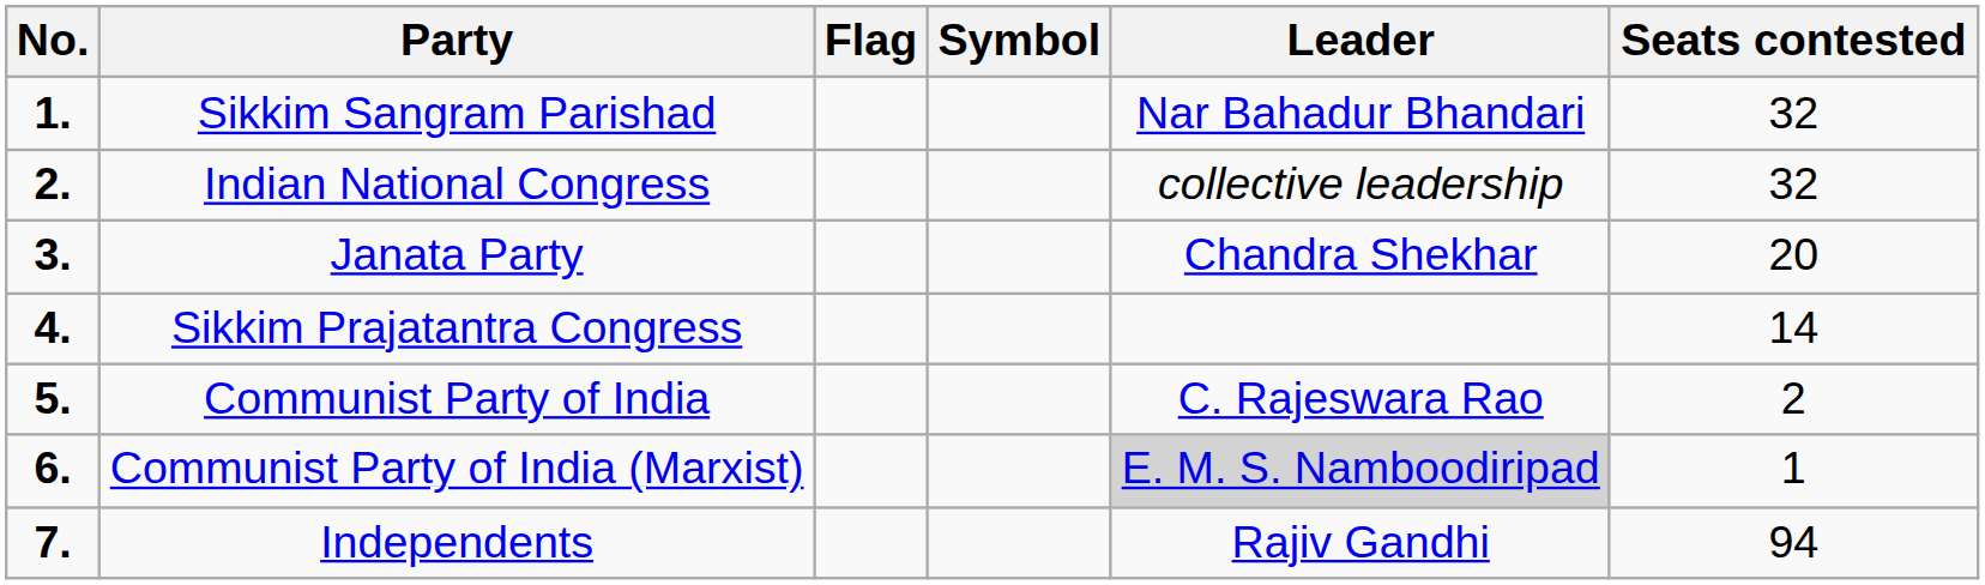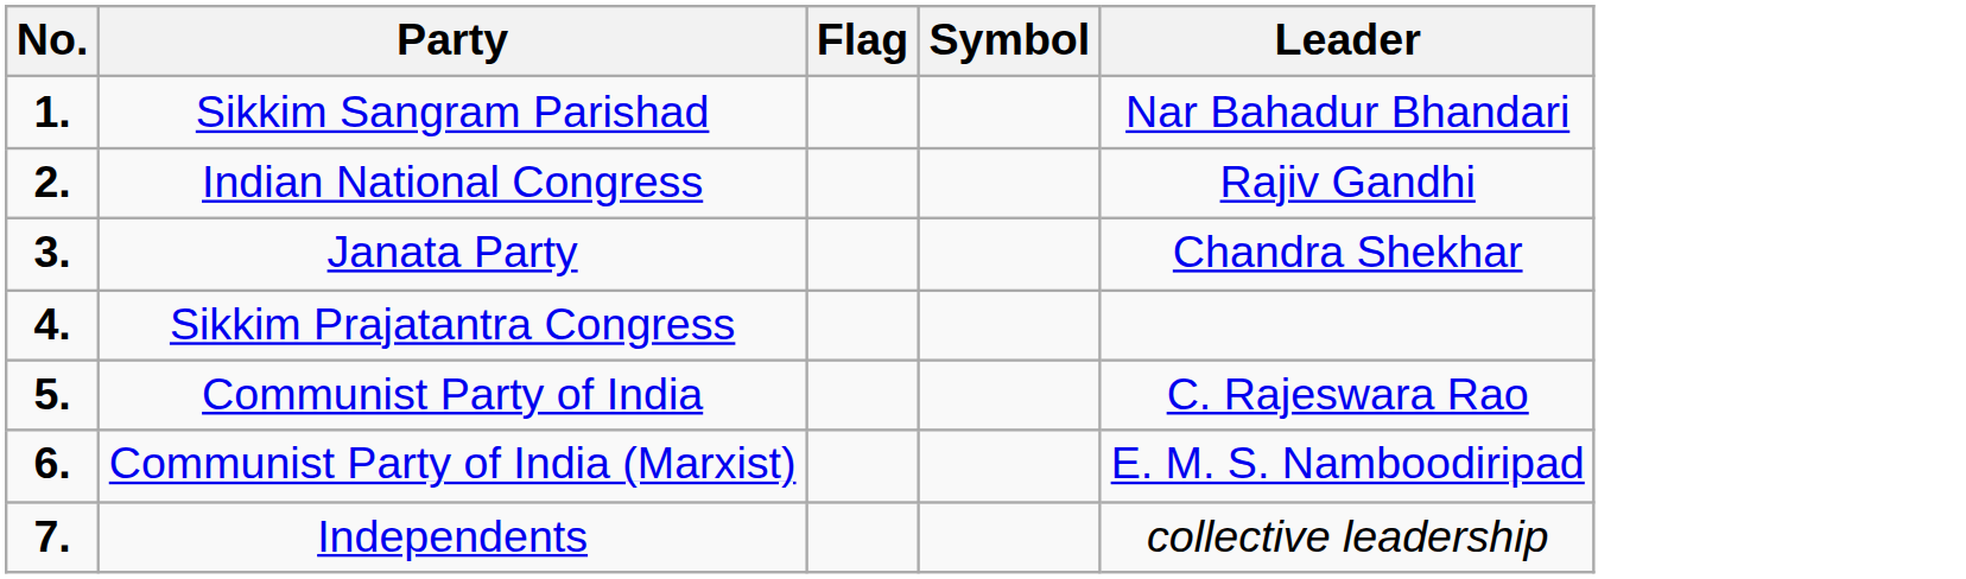 <table class="wikitable">
 <tr>
 <th>No.</th>
 <th>Party</th>
 <th>Flag</th>
 <th>Symbol</th>
 <th>Leader</th>
-<th>Seats contested</th>
 </tr>
 <tr>
 <td ! style="text-align:center; background:"><strong>1.</strong></td>
 <td style="text-align:center"><a href='#'>Sikkim Sangram Parishad</a></td>
 <td></td>
 <td></td>
 <td style="text-align:center"><a href='#'>Nar Bahadur Bhandari</a></td>
-<td style="text-align:center">32</td>
 </tr>
 <tr>
 <td ! style="text-align:center; background:"><strong>2.</strong></td>
 <td style="text-align:center"><a href='#'>Indian National Congress</a></td>
 <td></td>
 <td></td>
-<td style="text-align:center"><em>collective leadership</em></td>
-<td style="text-align:center">32</td>
+<td style="text-align:center"><a href='#'>Rajiv Gandhi</a></td>
 </tr>
 <tr>
 <td ! style="text-align:center; background:"><strong>3.</strong></td>
 <td style="text-align:center"><a href='#'>Janata Party</a></td>
 <td></td>
 <td></td>
 <td style="text-align:center"><a href='#'>Chandra Shekhar</a></td>
-<td style="text-align:center">20</td>
 </tr>
 <tr>
 <td ! style="text-align:center; background:"><strong>4.</strong></td>
 <td style="text-align:center"><a href='#'>Sikkim Prajatantra Congress</a></td>
 <td></td>
 <td></td>
 <td style="text-align:center"></td>
-<td style="text-align:center">14</td>
 </tr>
 <tr>
 <td ! style="text-align:center; background:"><strong>5.</strong></td>
 <td style="text-align:center"><a href='#'>Communist Party of India</a></td>
 <td></td>
 <td></td>
 <td style="text-align:center"><a href='#'>C. Rajeswara Rao</a></td>
-<td style="text-align:center">2</td>
 </tr>
 <tr>
 <td ! style="text-align:center; background:"><strong>6.</strong></td>
 <td style="text-align:center"><a href='#'>Communist Party of India (Marxist)</a></td>
 <td></td>
 <td></td>
-<td style="background: lightgrey; text-align:center"><a href='#'>E. M. S. Namboodiripad</a></td>
-<td style="text-align:center">1</td>
+<td style="text-align:center"><a href='#'>E. M. S. Namboodiripad</a></td>
 </tr>
 <tr>
 <td ! style="text-align:center; background:"><strong>7.</strong></td>
 <td style="text-align:center"><a href='#'>Independents</a></td>
 <td></td>
 <td></td>
-<td style="text-align:center"><a href='#'>Rajiv Gandhi</a></td>
-<td style="text-align:center">94</td>
+<td style="text-align:center"><em>collective leadership</em></td>
 </tr>
 </table>
